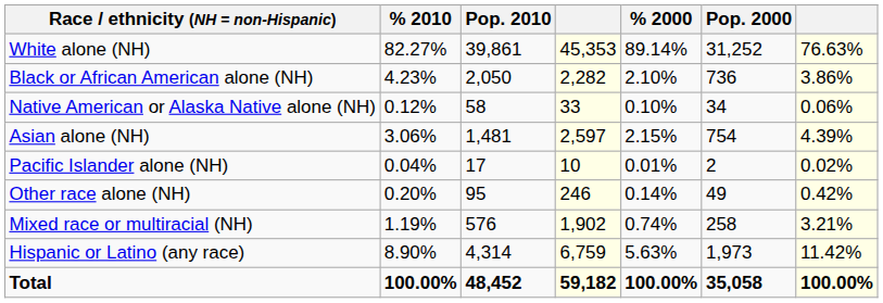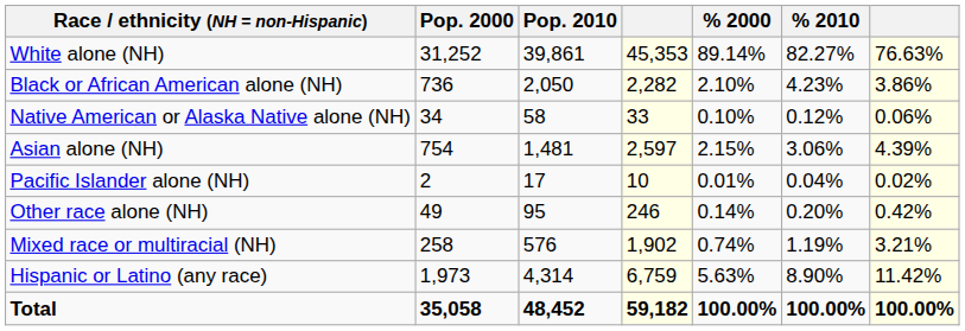 <table class="wikitable">
 <tr>
 <th>Race / ethnicity <small>(<em>NH = non-Hispanic</em>)</small></th>
-<th>% 2010</th>
+<th>Pop. 2000</th>
 <th>Pop. 2010</th>
 <th></th>
 <th>% 2000</th>
-<th>Pop. 2000</th>
+<th>% 2010</th>
 <th></th>
 </tr>
 <tr>
 <td><a href='#'>White</a> alone (NH)</td>
-<td>82.27%</td>
+<td>31,252</td>
 <td>39,861</td>
 <td style='background: #ffffe6;'>45,353</td>
 <td>89.14%</td>
-<td>31,252</td>
+<td>82.27%</td>
 <td style='background: #ffffe6;'>76.63%</td>
 </tr>
 <tr>
 <td><a href='#'>Black or African American</a> alone (NH)</td>
-<td>4.23%</td>
+<td>736</td>
 <td>2,050</td>
 <td style='background: #ffffe6;'>2,282</td>
 <td>2.10%</td>
-<td>736</td>
+<td>4.23%</td>
 <td style='background: #ffffe6;'>3.86%</td>
 </tr>
 <tr>
 <td><a href='#'>Native American</a> or <a href='#'>Alaska Native</a> alone (NH)</td>
-<td>0.12%</td>
+<td>34</td>
 <td>58</td>
 <td style='background: #ffffe6;'>33</td>
 <td>0.10%</td>
-<td>34</td>
+<td>0.12%</td>
 <td style='background: #ffffe6;'>0.06%</td>
 </tr>
 <tr>
 <td><a href='#'>Asian</a> alone (NH)</td>
-<td>3.06%</td>
+<td>754</td>
 <td>1,481</td>
 <td style='background: #ffffe6;'>2,597</td>
 <td>2.15%</td>
-<td>754</td>
+<td>3.06%</td>
 <td style='background: #ffffe6;'>4.39%</td>
 </tr>
 <tr>
 <td><a href='#'>Pacific Islander</a> alone (NH)</td>
-<td>0.04%</td>
+<td>2</td>
 <td>17</td>
 <td style='background: #ffffe6;'>10</td>
 <td>0.01%</td>
-<td>2</td>
+<td>0.04%</td>
 <td style='background: #ffffe6;'>0.02%</td>
 </tr>
 <tr>
 <td><a href='#'>Other race</a> alone (NH)</td>
-<td>0.20%</td>
+<td>49</td>
 <td>95</td>
 <td style='background: #ffffe6;'>246</td>
 <td>0.14%</td>
-<td>49</td>
+<td>0.20%</td>
 <td style='background: #ffffe6;'>0.42%</td>
 </tr>
 <tr>
 <td><a href='#'>Mixed race or multiracial</a> (NH)</td>
-<td>1.19%</td>
+<td>258</td>
 <td>576</td>
 <td style='background: #ffffe6;'>1,902</td>
 <td>0.74%</td>
-<td>258</td>
+<td>1.19%</td>
 <td style='background: #ffffe6;'>3.21%</td>
 </tr>
 <tr>
 <td><a href='#'>Hispanic or Latino</a> (any race)</td>
-<td>8.90%</td>
+<td>1,973</td>
 <td>4,314</td>
 <td style='background: #ffffe6;'>6,759</td>
 <td>5.63%</td>
-<td>1,973</td>
+<td>8.90%</td>
 <td style='background: #ffffe6;'>11.42%</td>
 </tr>
 <tr>
 <td><strong>Total</strong></td>
-<td><strong>100.00%</strong></td>
+<td><strong>35,058</strong></td>
 <td><strong>48,452</strong></td>
 <td style='background: #ffffe6;'><strong>59,182</strong></td>
 <td><strong>100.00%</strong></td>
-<td><strong>35,058</strong></td>
+<td><strong>100.00%</strong></td>
 <td style='background: #ffffe6;'><strong>100.00%</strong></td>
 </tr>
 </table>
